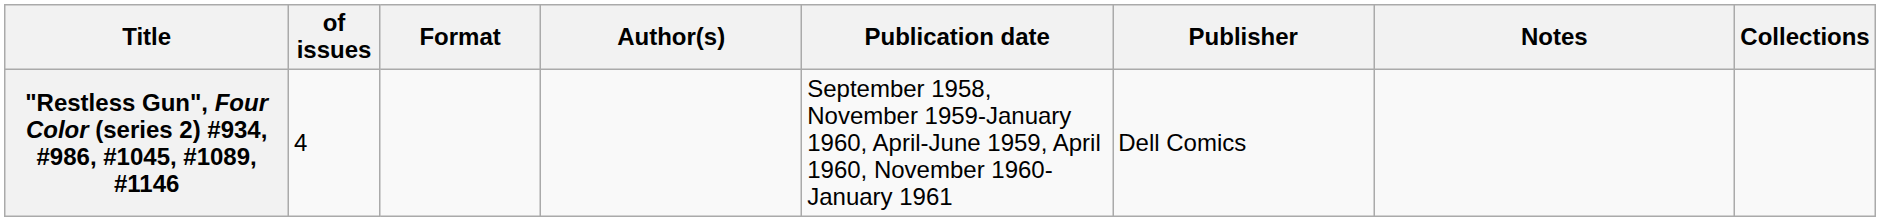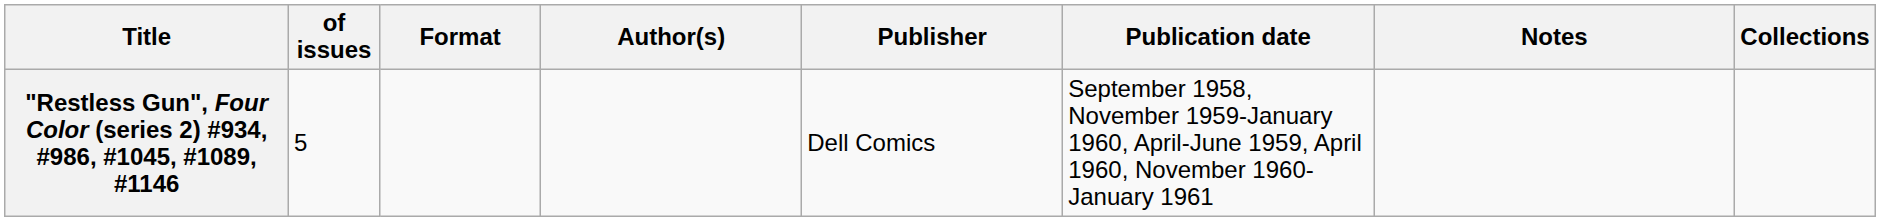 <table class="wikitable">
 <tr>
 <th>Title</th>
 <th style="width:40pt"> of issues</th>
 <th style="width:75pt">Format</th>
 <th style="width:125pt">Author(s)</th>
+<th style="width:125pt">Publisher</th>
 <th style="width:150pt">Publication date</th>
-<th style="width:125pt">Publisher</th>
 <th style="width:175pt">Notes</th>
 <th>Collections</th>
 </tr>
 <tr>
 <th>"Restless Gun", <em>Four Color</em> (series 2) #934, #986, #1045, #1089, #1146</th>
-<td>4</td>
+<td>5</td>
 <td></td>
 <td></td>
+<td>Dell Comics</td>
 <td>September 1958, November 1959-January 1960, April-June 1959, April 1960, November 1960-January 1961</td>
-<td>Dell Comics</td>
 <td></td>
 <td></td>
 </tr>
 </table>
